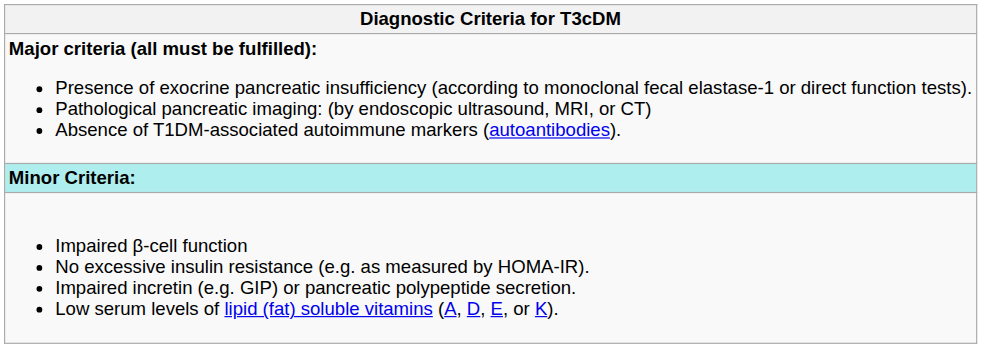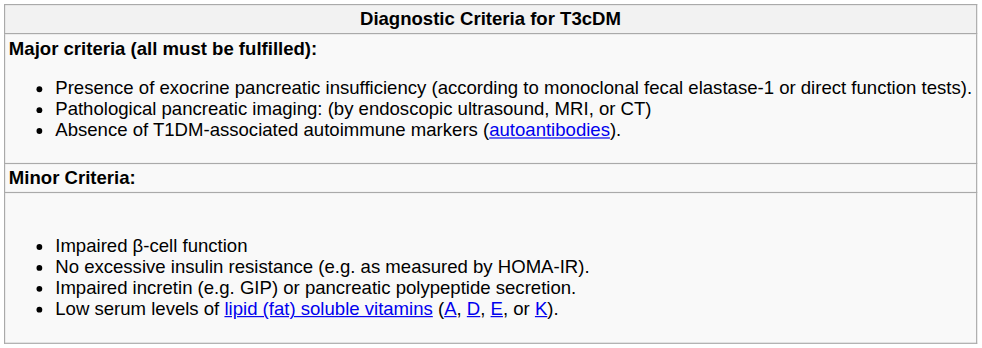 <table class="wikitable">
 <tr>
 <th>Diagnostic Criteria for T3cDM</th>
 </tr>
 <tr>
 <td><strong>Major criteria (all must be fulfilled):</strong><br><ul><li>Presence of exocrine pancreatic insufficiency (according to monoclonal fecal elastase-1 or direct function tests).</li><li>Pathological pancreatic imaging: (by endoscopic ultrasound, MRI, or CT)</li><li>Absence of T1DM-associated autoimmune markers (<a href='#'>autoantibodies</a>).</li></ul></td>
 </tr>
 <tr>
-<td style="background: paleturquoise;"><strong>Minor Criteria:</strong></td>
+<td><strong>Minor Criteria:</strong></td>
 </tr>
 <tr>
 <td><br><ul><li>Impaired β-cell function</li><li>No excessive insulin resistance (e.g. as measured by HOMA-IR).</li><li>Impaired incretin (e.g. GIP) or pancreatic polypeptide secretion.</li><li>Low serum levels of <a href='#'>lipid (fat) soluble vitamins</a> (<a href='#'>A</a>, <a href='#'>D</a>, <a href='#'>E</a>, or <a href='#'>K</a>).</li></ul></td>
 </tr>
 </table>
